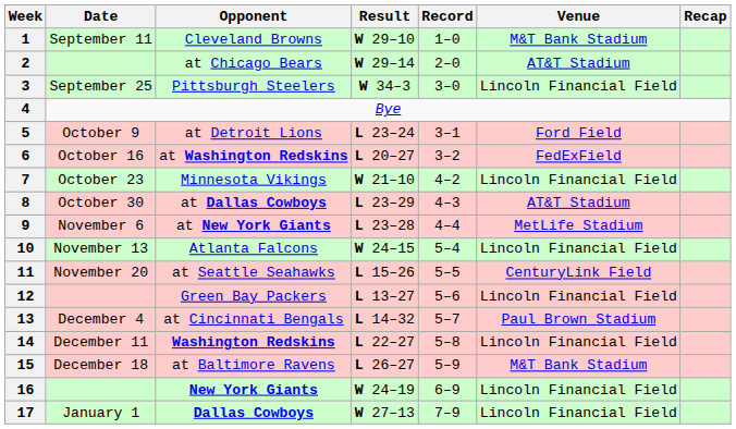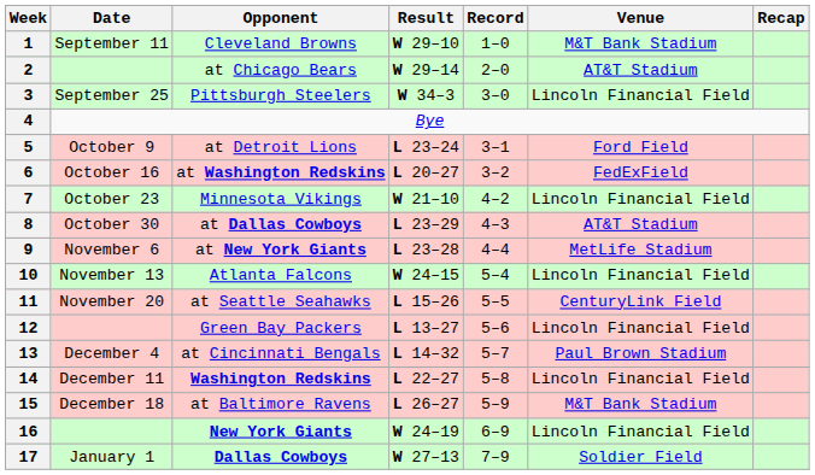 <table class="wikitable" style="text-align:center">
 <tr>
 <th>Week</th>
 <th>Date</th>
 <th>Opponent</th>
 <th>Result</th>
 <th>Record</th>
 <th>Venue</th>
 <th>Recap</th>
 </tr>
 <tr style="background:#cfc">
 <th>1</th>
 <td>September 11</td>
 <td><a href='#'>Cleveland Browns</a></td>
 <td><strong>W</strong> 29–10</td>
 <td>1–0</td>
 <td><a href='#'>M&T Bank Stadium</a></td>
 <td></td>
 </tr>
 <tr style="background:#cfc">
 <th>2</th>
 <td></td>
 <td>at <a href='#'>Chicago Bears</a></td>
 <td><strong>W</strong> 29–14</td>
 <td>2–0</td>
 <td><a href='#'>AT&T Stadium</a></td>
 <td></td>
 </tr>
 <tr style="background:#cfc">
 <th>3</th>
 <td>September 25</td>
 <td><a href='#'>Pittsburgh Steelers</a></td>
 <td><strong>W</strong> 34–3</td>
 <td>3–0</td>
 <td>Lincoln Financial Field</td>
 <td></td>
 </tr>
 <tr>
 <th>4</th>
 <td colspan="6"><em><a href='#'>Bye</a></em></td>
 </tr>
 <tr style="background:#fcc">
 <th>5</th>
 <td>October 9</td>
 <td>at <a href='#'>Detroit Lions</a></td>
 <td><strong>L</strong> 23–24</td>
 <td>3–1</td>
 <td><a href='#'>Ford Field</a></td>
 <td></td>
 </tr>
 <tr style="background:#fcc">
 <th>6</th>
 <td>October 16</td>
 <td>at <strong><a href='#'>Washington Redskins</a></strong></td>
 <td><strong>L</strong> 20–27</td>
 <td>3–2</td>
 <td><a href='#'>FedExField</a></td>
 <td></td>
 </tr>
 <tr style="background:#cfc">
 <th>7</th>
 <td>October 23</td>
 <td><a href='#'>Minnesota Vikings</a></td>
 <td><strong>W</strong> 21–10</td>
 <td>4–2</td>
 <td>Lincoln Financial Field</td>
 <td></td>
 </tr>
 <tr style="background:#fcc">
 <th>8</th>
 <td>October 30</td>
 <td>at <strong><a href='#'>Dallas Cowboys</a></strong></td>
 <td><strong>L</strong> 23–29 </td>
 <td>4–3</td>
 <td><a href='#'>AT&T Stadium</a></td>
 <td></td>
 </tr>
 <tr style="background:#fcc">
 <th>9</th>
 <td>November 6</td>
 <td>at <strong><a href='#'>New York Giants</a></strong></td>
 <td><strong>L</strong> 23–28</td>
 <td>4–4</td>
 <td><a href='#'>MetLife Stadium</a></td>
 <td></td>
 </tr>
 <tr style="background:#cfc">
 <th>10</th>
 <td>November 13</td>
 <td><a href='#'>Atlanta Falcons</a></td>
 <td><strong>W</strong> 24–15</td>
 <td>5–4</td>
 <td>Lincoln Financial Field</td>
 <td></td>
 </tr>
 <tr style="background:#fcc">
 <th>11</th>
 <td>November 20</td>
 <td>at <a href='#'>Seattle Seahawks</a></td>
 <td><strong>L</strong> 15–26</td>
 <td>5–5</td>
 <td><a href='#'>CenturyLink Field</a></td>
 <td></td>
 </tr>
 <tr style="background:#fcc">
 <th>12</th>
 <td></td>
 <td><a href='#'>Green Bay Packers</a></td>
 <td><strong>L</strong> 13–27</td>
 <td>5–6</td>
 <td>Lincoln Financial Field</td>
 <td></td>
 </tr>
 <tr style="background:#fcc">
 <th>13</th>
 <td>December 4</td>
 <td>at <a href='#'>Cincinnati Bengals</a></td>
 <td><strong>L</strong> 14–32</td>
 <td>5–7</td>
 <td><a href='#'>Paul Brown Stadium</a></td>
 <td></td>
 </tr>
 <tr style="background:#fcc">
 <th>14</th>
 <td>December 11</td>
 <td><strong><a href='#'>Washington Redskins</a></strong></td>
 <td><strong>L</strong> 22–27</td>
 <td>5–8</td>
 <td>Lincoln Financial Field</td>
 <td></td>
 </tr>
 <tr style="background:#fcc">
 <th>15</th>
 <td>December 18</td>
 <td>at <a href='#'>Baltimore Ravens</a></td>
 <td><strong>L</strong> 26–27</td>
 <td>5–9</td>
 <td><a href='#'>M&T Bank Stadium</a></td>
 <td></td>
 </tr>
 <tr style="background:#cfc">
 <th>16</th>
 <td></td>
 <td><strong><a href='#'>New York Giants</a></strong></td>
 <td><strong>W</strong> 24–19</td>
 <td>6–9</td>
 <td>Lincoln Financial Field</td>
 <td></td>
 </tr>
 <tr style="background:#cfc">
 <th>17</th>
 <td>January 1</td>
 <td><strong><a href='#'>Dallas Cowboys</a></strong></td>
 <td><strong>W</strong> 27–13</td>
 <td>7–9</td>
-<td>Lincoln Financial Field</td>
+<td><a href='#'>Soldier Field</a></td>
 <td></td>
 </tr>
 </table>
